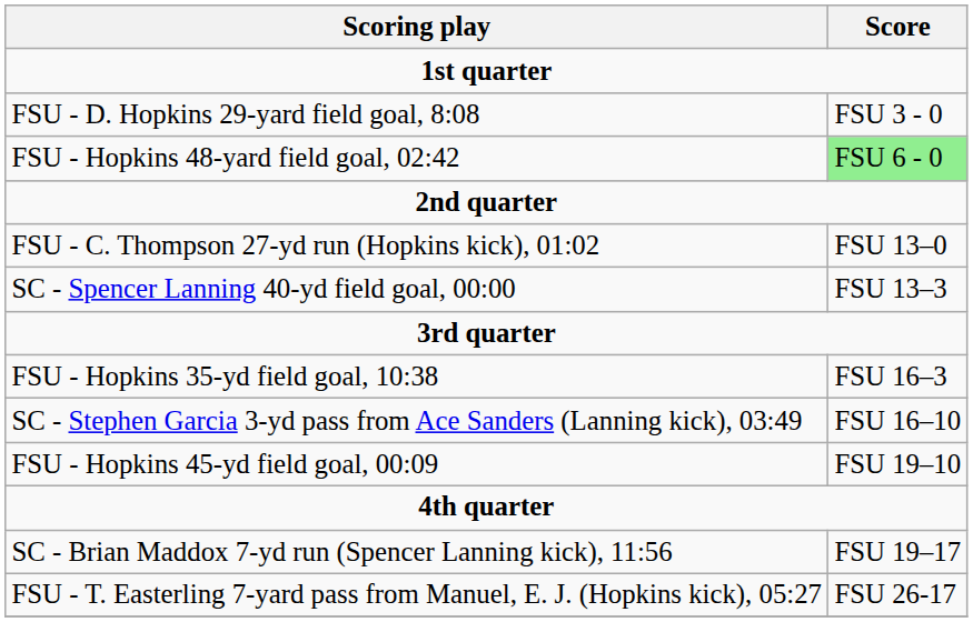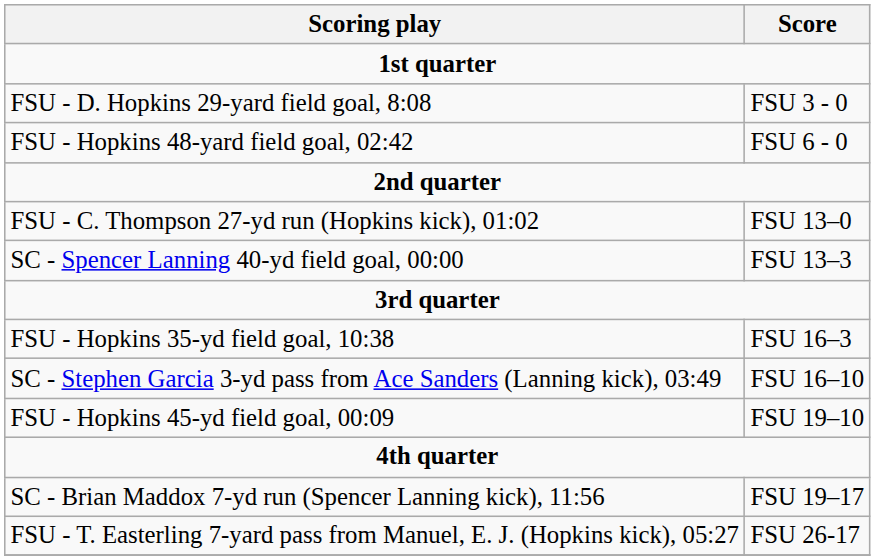 <table class="wikitable">
 <tr>
 <th>Scoring play</th>
 <th>Score</th>
 </tr>
 <tr>
 <td colspan="4" align="center"><strong>1st quarter</strong></td>
 </tr>
 <tr>
 <td>FSU - D. Hopkins 29-yard field goal, 8:08</td>
 <td>FSU 3 - 0</td>
 </tr>
 <tr>
 <td>FSU - Hopkins 48-yard field goal, 02:42</td>
-<td style="background: lightgreen;">FSU 6 - 0</td>
+<td>FSU 6 - 0</td>
 </tr>
 <tr>
 <td colspan="4" align="center"><strong>2nd quarter</strong></td>
 </tr>
 <tr>
 <td>FSU - C. Thompson 27-yd run (Hopkins kick), 01:02</td>
 <td>FSU 13–0</td>
 </tr>
 <tr>
 <td>SC - <a href='#'>Spencer Lanning</a> 40-yd field goal, 00:00</td>
 <td>FSU 13–3</td>
 </tr>
 <tr>
 <td colspan="4" align="center"><strong>3rd quarter</strong></td>
 </tr>
 <tr>
 <td>FSU - Hopkins 35-yd field goal, 10:38</td>
 <td>FSU 16–3</td>
 </tr>
 <tr>
 <td>SC - <a href='#'>Stephen Garcia</a> 3-yd pass from <a href='#'>Ace Sanders</a> (Lanning kick), 03:49</td>
 <td>FSU 16–10</td>
 </tr>
 <tr>
 <td>FSU - Hopkins 45-yd field goal, 00:09</td>
 <td>FSU 19–10</td>
 </tr>
 <tr>
 <td colspan="4" align="center"><strong>4th quarter</strong></td>
 </tr>
 <tr>
 <td>SC - Brian Maddox 7-yd run (Spencer Lanning kick), 11:56</td>
 <td>FSU 19–17</td>
 </tr>
 <tr>
 <td>FSU - T. Easterling 7-yard pass from Manuel, E. J. (Hopkins kick), 05:27</td>
 <td>FSU 26-17</td>
 </tr>
 <tr>
 </tr>
 </table>
